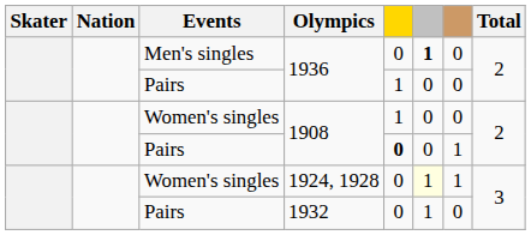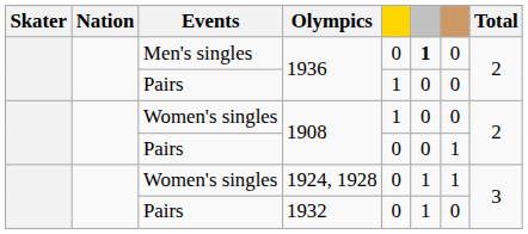 <table class="wikitable unsortable" style="text-align:center">
 <tr>
 <th scope="col">Skater</th>
 <th scope="col">Nation</th>
 <th scope="col">Events</th>
 <th scope="col">Olympics</th>
 <th scope="col" style="width:1em; background-color:gold"></th>
 <th scope="col" style="width:1em;background-color:silver"></th>
 <th scope="col" style="width:1em;background-color:#CC9966"></th>
 <th scope="col">Total</th>
 </tr>
 <tr>
 <th scope="row" style="text-align:left" rowspan="2"></th>
 <td rowspan="2" align="left"></td>
 <td align="left">Men's singles</td>
 <td rowspan="2" align="left">1936</td>
 <td>0</td>
 <td><strong>1</strong></td>
 <td>0</td>
 <td rowspan="2">2</td>
 </tr>
 <tr>
 <td align="left">Pairs</td>
 <td>1</td>
 <td>0</td>
 <td>0</td>
 </tr>
 <tr>
 <th scope="row" style="text-align:left" rowspan="2"></th>
 <td rowspan="2" align="left"></td>
 <td align="left">Women's singles</td>
 <td rowspan="2" align="left">1908</td>
 <td>1</td>
 <td>0</td>
 <td>0</td>
 <td rowspan="2">2</td>
 </tr>
 <tr>
 <td align="left">Pairs</td>
-<td><strong>0</strong></td>
+<td>0</td>
 <td>0</td>
 <td>1</td>
 </tr>
 <tr>
 <th scope="row" style="text-align:left" rowspan="2"></th>
 <td rowspan="2" align="left"></td>
 <td align="left">Women's singles</td>
 <td align="left">1924, 1928</td>
 <td>0</td>
-<td style="background: lightyellow;">1</td>
+<td>1</td>
 <td>1</td>
 <td rowspan="2">3</td>
 </tr>
 <tr>
 <td align="left">Pairs</td>
 <td align="left">1932</td>
 <td>0</td>
 <td>1</td>
 <td>0</td>
 </tr>
 </table>
